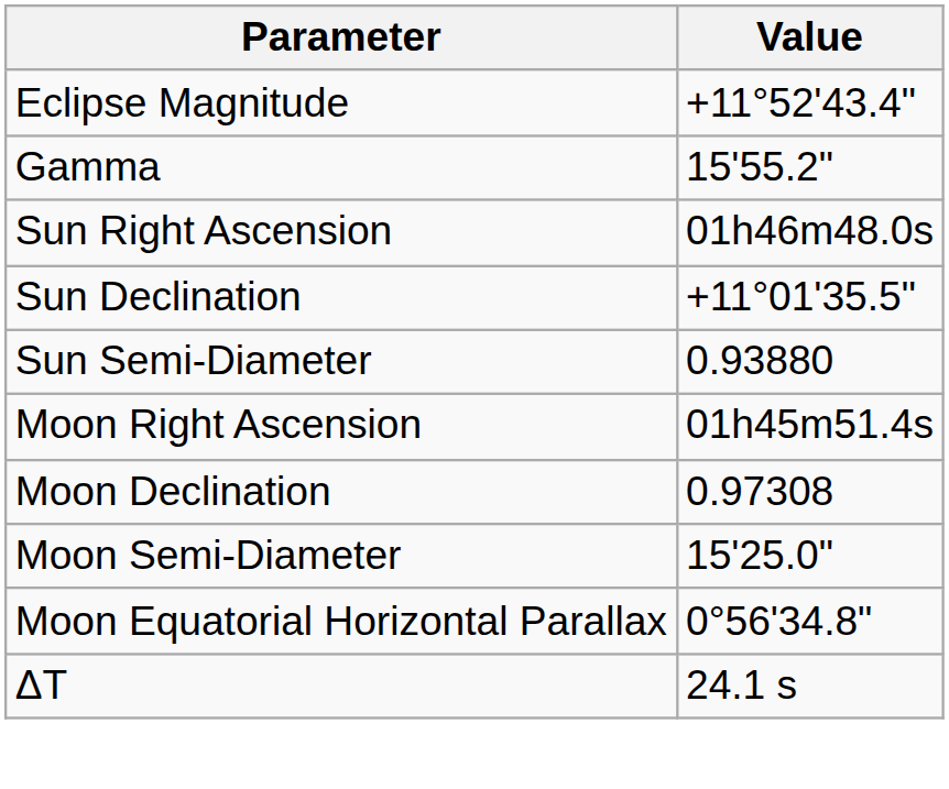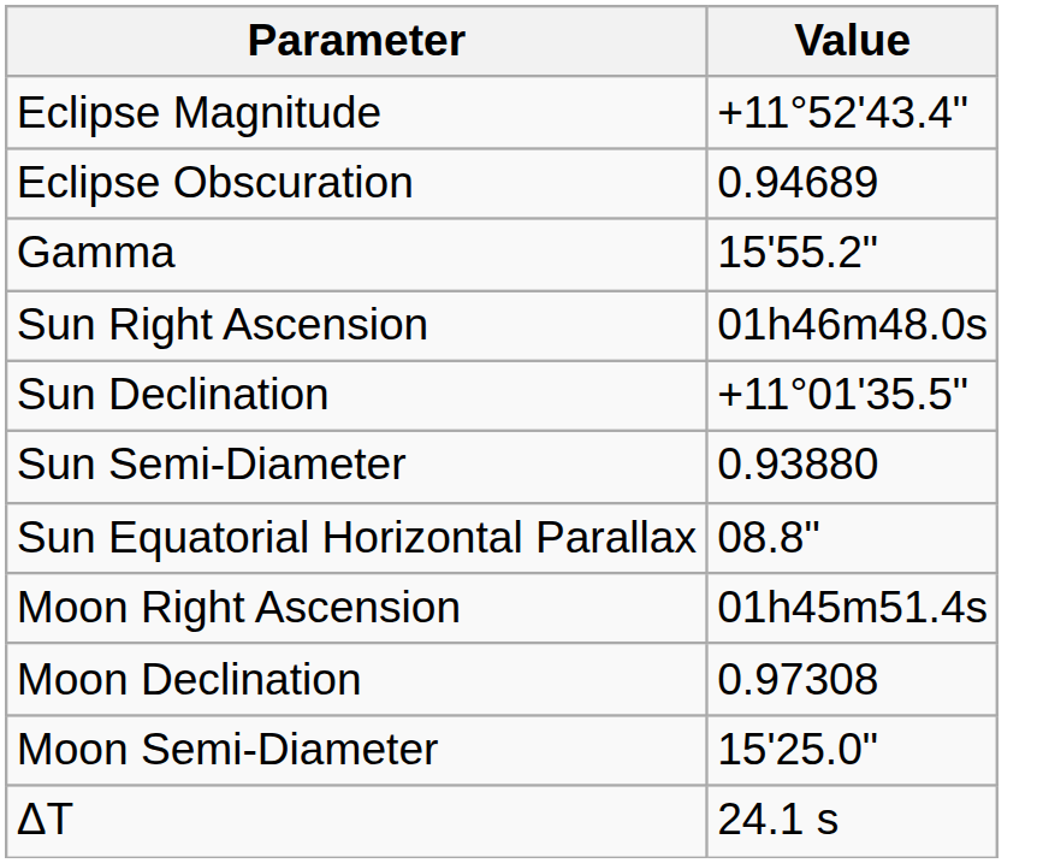 <table class="wikitable">
 <tr>
 <th>Parameter</th>
 <th>Value</th>
 </tr>
 <tr>
 <td>Eclipse Magnitude</td>
 <td>+11°52'43.4"</td>
+</tr>
+<tr>
+<td>Eclipse Obscuration</td>
+<td>0.94689</td>
 </tr>
 <tr>
 <td>Gamma</td>
 <td>15'55.2"</td>
 </tr>
 <tr>
 <td>Sun Right Ascension</td>
 <td>01h46m48.0s</td>
 </tr>
 <tr>
 <td>Sun Declination</td>
 <td>+11°01'35.5"</td>
 </tr>
 <tr>
 <td>Sun Semi-Diameter</td>
 <td>0.93880</td>
 </tr>
 <tr>
+<td>Sun Equatorial Horizontal Parallax</td>
+<td>08.8"</td>
+</tr>
+<tr>
 <td>Moon Right Ascension</td>
 <td>01h45m51.4s</td>
 </tr>
 <tr>
 <td>Moon Declination</td>
 <td>0.97308</td>
 </tr>
 <tr>
 <td>Moon Semi-Diameter</td>
 <td>15'25.0"</td>
 </tr>
 <tr>
-<td>Moon Equatorial Horizontal Parallax</td>
-<td>0°56'34.8"</td>
-</tr>
-<tr>
 <td>ΔT</td>
 <td>24.1 s</td>
 </tr>
 </table>
